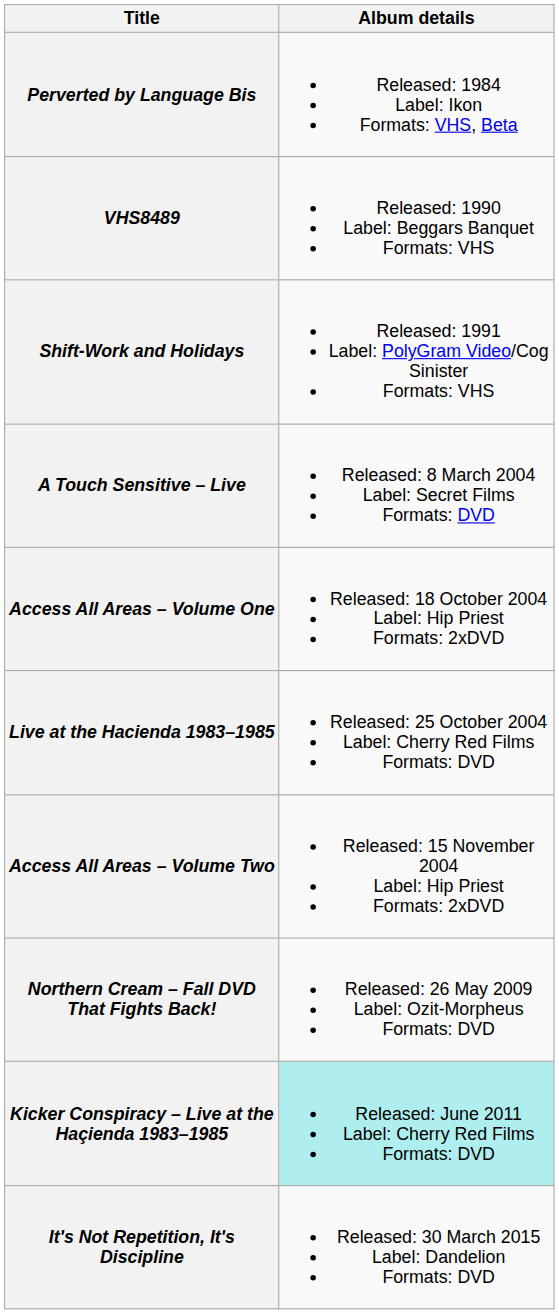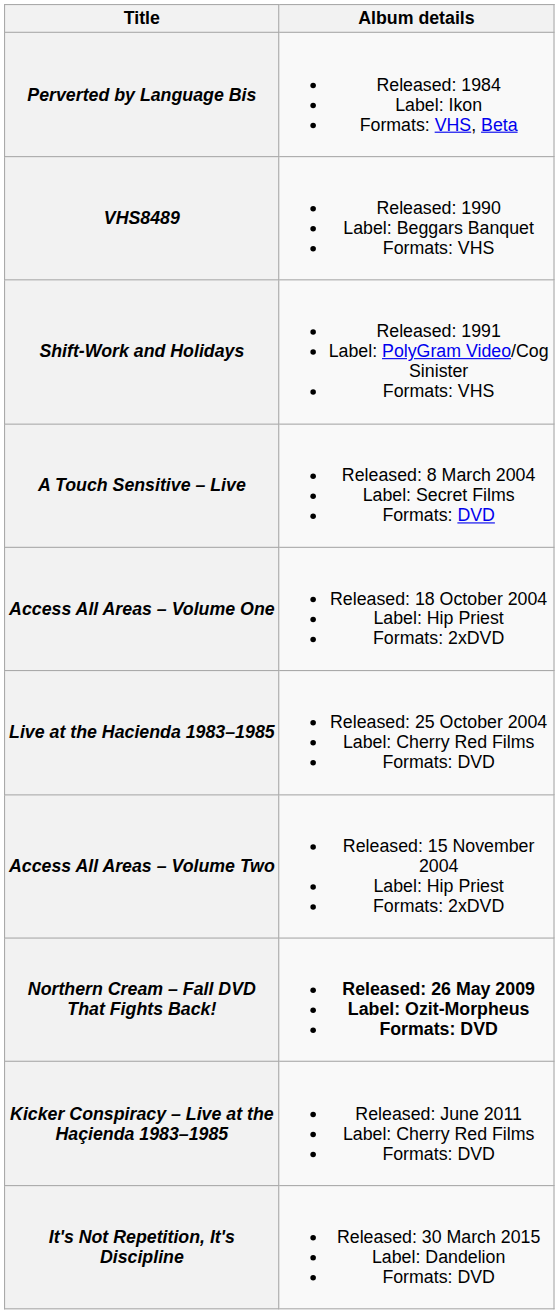 <table class="wikitable plainrowheaders" style="text-align:center;">
 <tr>
 <th scope="col" style="width:15em;">Title</th>
 <th scope="col" style="width:15em;">Album details</th>
 </tr>
 <tr>
 <th scope="row"><em>Perverted by Language Bis</em></th>
 <td><br><ul><li>Released: 1984</li><li>Label: Ikon</li><li>Formats: <a href='#'>VHS</a>, <a href='#'>Beta</a></li></ul></td>
 </tr>
 <tr>
 <th scope="row"><em>VHS8489</em></th>
 <td><br><ul><li>Released: 1990</li><li>Label: Beggars Banquet</li><li>Formats: VHS</li></ul></td>
 </tr>
 <tr>
 <th scope="row"><em>Shift-Work and Holidays</em></th>
 <td><br><ul><li>Released: 1991</li><li>Label: <a href='#'>PolyGram Video</a>/Cog Sinister</li><li>Formats: VHS</li></ul></td>
 </tr>
 <tr>
 <th scope="row"><em>A Touch Sensitive – Live</em></th>
 <td><br><ul><li>Released: 8 March 2004</li><li>Label: Secret Films</li><li>Formats: <a href='#'>DVD</a></li></ul></td>
 </tr>
 <tr>
 <th scope="row"><em>Access All Areas – Volume One</em></th>
 <td><br><ul><li>Released: 18 October 2004</li><li>Label: Hip Priest</li><li>Formats: 2xDVD</li></ul></td>
 </tr>
 <tr>
 <th scope="row"><em>Live at the Hacienda 1983–1985</em></th>
 <td><br><ul><li>Released: 25 October 2004</li><li>Label: Cherry Red Films</li><li>Formats: DVD</li></ul></td>
 </tr>
 <tr>
 <th scope="row"><em>Access All Areas – Volume Two</em></th>
 <td><br><ul><li>Released: 15 November 2004</li><li>Label: Hip Priest</li><li>Formats: 2xDVD</li></ul></td>
 </tr>
 <tr>
 <th scope="row"><em>Northern Cream – Fall DVD That Fights Back!</em></th>
-<td><br><ul><li>Released: 26 May 2009</li><li>Label: Ozit-Morpheus</li><li>Formats: DVD</li></ul></td>
+<td><strong><br><ul><li>Released: 26 May 2009</li><li>Label: Ozit-Morpheus</li><li>Formats: DVD</li></ul></strong></td>
 </tr>
 <tr>
 <th scope="row"><em>Kicker Conspiracy – Live at the Haçienda 1983–1985</em></th>
-<td style="background: paleturquoise;"><br><ul><li>Released: June 2011</li><li>Label: Cherry Red Films</li><li>Formats: DVD</li></ul></td>
+<td><br><ul><li>Released: June 2011</li><li>Label: Cherry Red Films</li><li>Formats: DVD</li></ul></td>
 </tr>
 <tr>
 <th scope="row"><em>It's Not Repetition, It's Discipline</em></th>
 <td><br><ul><li>Released: 30 March 2015</li><li>Label: Dandelion</li><li>Formats: DVD</li></ul></td>
 </tr>
 </table>
